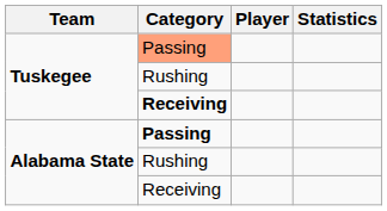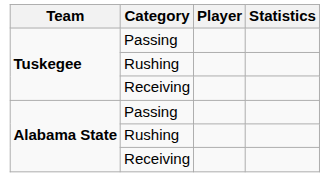 <table class="wikitable" style="float: right;">
 <tr>
 <th>Team</th>
 <th>Category</th>
 <th>Player</th>
 <th>Statistics</th>
 </tr>
 <tr>
 <td rowspan=3><strong>Tuskegee</strong></td>
-<td style="background: lightsalmon;">Passing</td>
+<td>Passing</td>
 <td></td>
 <td></td>
 </tr>
 <tr>
 <td>Rushing</td>
 <td></td>
 <td></td>
 </tr>
 <tr>
-<td><strong>Receiving</strong></td>
+<td>Receiving</td>
 <td></td>
 <td></td>
 </tr>
 <tr>
 <td rowspan=3><strong>Alabama State</strong></td>
-<td><strong>Passing</strong></td>
+<td>Passing</td>
 <td></td>
 <td></td>
 </tr>
 <tr>
 <td>Rushing</td>
 <td></td>
 <td></td>
 </tr>
 <tr>
 <td>Receiving</td>
 <td></td>
 <td></td>
 </tr>
 </table>
